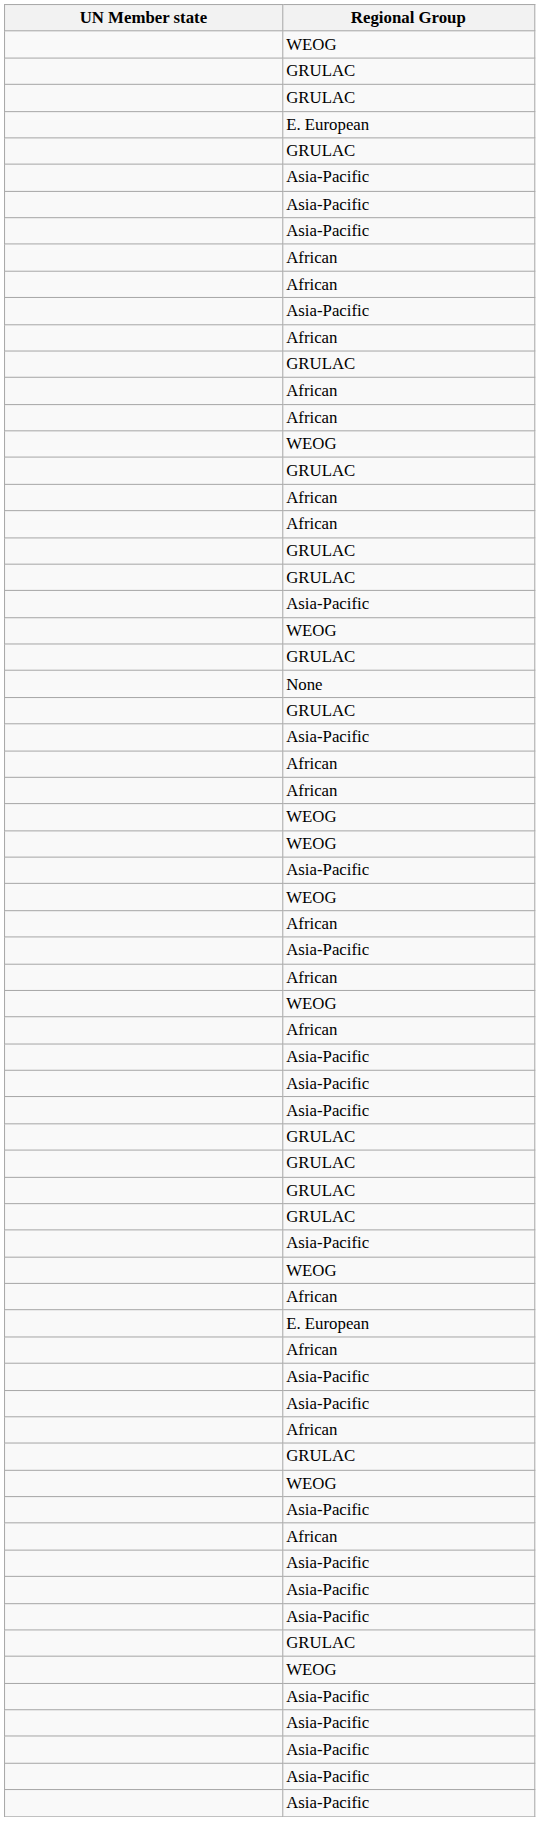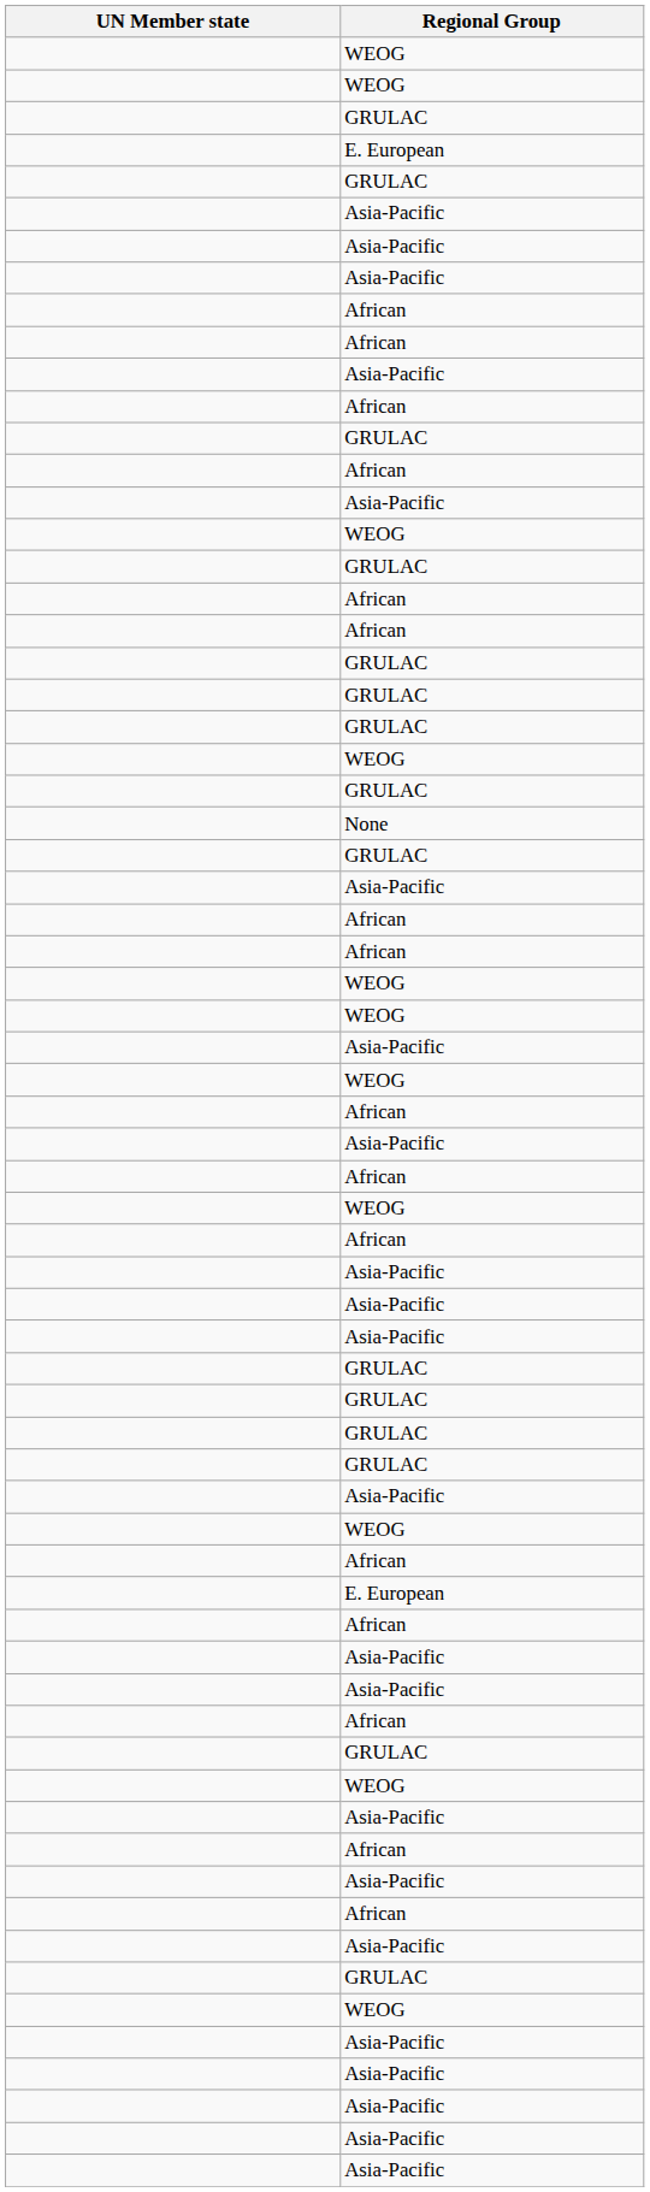 <table class="sortable wikitable" style="width:40%;" cellpadding="5" cellspacing="0">
 <tr>
 <th>UN Member state</th>
 <th>Regional Group</th>
 </tr>
 <tr>
 <td></td>
 <td>WEOG</td>
 </tr>
 <tr>
 <td></td>
-<td>GRULAC</td>
+<td>WEOG</td>
 </tr>
 <tr>
 <td></td>
 <td>GRULAC</td>
 </tr>
 <tr>
 <td></td>
 <td>E. European</td>
 </tr>
 <tr>
 <td></td>
 <td>GRULAC</td>
 </tr>
 <tr>
 <td></td>
 <td>Asia-Pacific</td>
 </tr>
 <tr>
 <td></td>
 <td>Asia-Pacific</td>
 </tr>
 <tr>
 <td></td>
 <td>Asia-Pacific</td>
 </tr>
 <tr>
 <td></td>
 <td>African</td>
 </tr>
 <tr>
 <td></td>
 <td>African</td>
 </tr>
 <tr>
 <td></td>
 <td>Asia-Pacific</td>
 </tr>
 <tr>
 <td></td>
 <td>African</td>
 </tr>
 <tr>
 <td></td>
 <td>GRULAC</td>
 </tr>
 <tr>
 <td></td>
 <td>African</td>
 </tr>
 <tr>
 <td></td>
-<td>African</td>
+<td>Asia-Pacific</td>
 </tr>
 <tr>
 <td></td>
 <td>WEOG</td>
 </tr>
 <tr>
 <td></td>
 <td>GRULAC</td>
 </tr>
 <tr>
 <td></td>
 <td>African</td>
 </tr>
 <tr>
 <td></td>
 <td>African</td>
 </tr>
 <tr>
 <td></td>
 <td>GRULAC</td>
 </tr>
 <tr>
 <td></td>
 <td>GRULAC</td>
 </tr>
 <tr>
 <td></td>
-<td>Asia-Pacific</td>
+<td>GRULAC</td>
 </tr>
 <tr>
 <td></td>
 <td>WEOG</td>
 </tr>
 <tr>
 <td></td>
 <td>GRULAC</td>
 </tr>
 <tr>
 <td></td>
 <td>None</td>
 </tr>
 <tr>
 <td></td>
 <td>GRULAC</td>
 </tr>
 <tr>
 <td></td>
 <td>Asia-Pacific</td>
 </tr>
 <tr>
 <td></td>
 <td>African</td>
 </tr>
 <tr>
 <td></td>
 <td>African</td>
 </tr>
 <tr>
 <td></td>
 <td>WEOG</td>
 </tr>
 <tr>
 <td></td>
 <td>WEOG</td>
 </tr>
 <tr>
 <td></td>
 <td>Asia-Pacific</td>
 </tr>
 <tr>
 <td></td>
 <td>WEOG</td>
 </tr>
 <tr>
 <td></td>
 <td>African</td>
 </tr>
 <tr>
 <td></td>
 <td>Asia-Pacific</td>
 </tr>
 <tr>
 <td></td>
 <td>African</td>
 </tr>
 <tr>
 <td></td>
 <td>WEOG</td>
 </tr>
 <tr>
 <td></td>
 <td>African</td>
 </tr>
 <tr>
 <td></td>
 <td>Asia-Pacific</td>
 </tr>
 <tr>
 <td></td>
 <td>Asia-Pacific</td>
 </tr>
 <tr>
 <td></td>
 <td>Asia-Pacific</td>
 </tr>
 <tr>
 <td></td>
 <td>GRULAC</td>
 </tr>
 <tr>
 <td></td>
 <td>GRULAC</td>
 </tr>
 <tr>
 <td></td>
 <td>GRULAC</td>
 </tr>
 <tr>
 <td></td>
 <td>GRULAC</td>
 </tr>
 <tr>
 <td></td>
 <td>Asia-Pacific</td>
 </tr>
 <tr>
 <td></td>
 <td>WEOG</td>
 </tr>
 <tr>
 <td></td>
 <td>African</td>
 </tr>
 <tr>
 <td></td>
 <td>E. European</td>
 </tr>
 <tr>
 <td></td>
 <td>African</td>
 </tr>
 <tr>
 <td></td>
 <td>Asia-Pacific</td>
 </tr>
 <tr>
 <td></td>
 <td>Asia-Pacific</td>
 </tr>
 <tr>
 <td></td>
 <td>African</td>
 </tr>
 <tr>
 <td></td>
 <td>GRULAC</td>
 </tr>
 <tr>
 <td></td>
 <td>WEOG</td>
 </tr>
 <tr>
 <td></td>
 <td>Asia-Pacific</td>
 </tr>
 <tr>
 <td></td>
 <td>African</td>
 </tr>
 <tr>
 <td></td>
 <td>Asia-Pacific</td>
 </tr>
 <tr>
 <td></td>
-<td>Asia-Pacific</td>
+<td>African</td>
 </tr>
 <tr>
 <td></td>
 <td>Asia-Pacific</td>
 </tr>
 <tr>
 <td></td>
 <td>GRULAC</td>
 </tr>
 <tr>
 <td></td>
 <td>WEOG</td>
 </tr>
 <tr>
 <td></td>
 <td>Asia-Pacific</td>
 </tr>
 <tr>
 <td></td>
 <td>Asia-Pacific</td>
 </tr>
 <tr>
 <td></td>
 <td>Asia-Pacific</td>
 </tr>
 <tr>
 <td></td>
 <td>Asia-Pacific</td>
 </tr>
 <tr>
 <td></td>
 <td>Asia-Pacific</td>
 </tr>
 </table>
